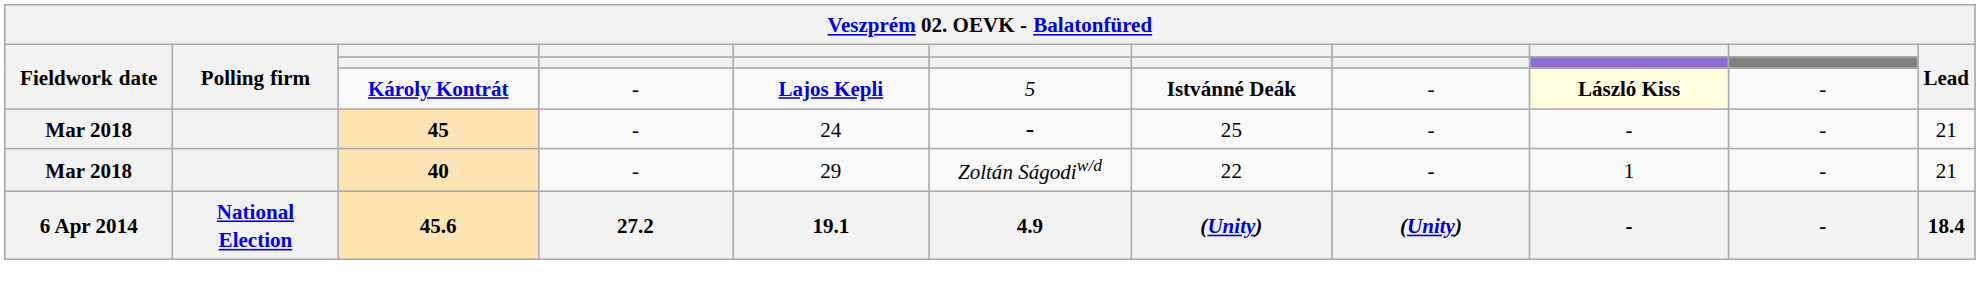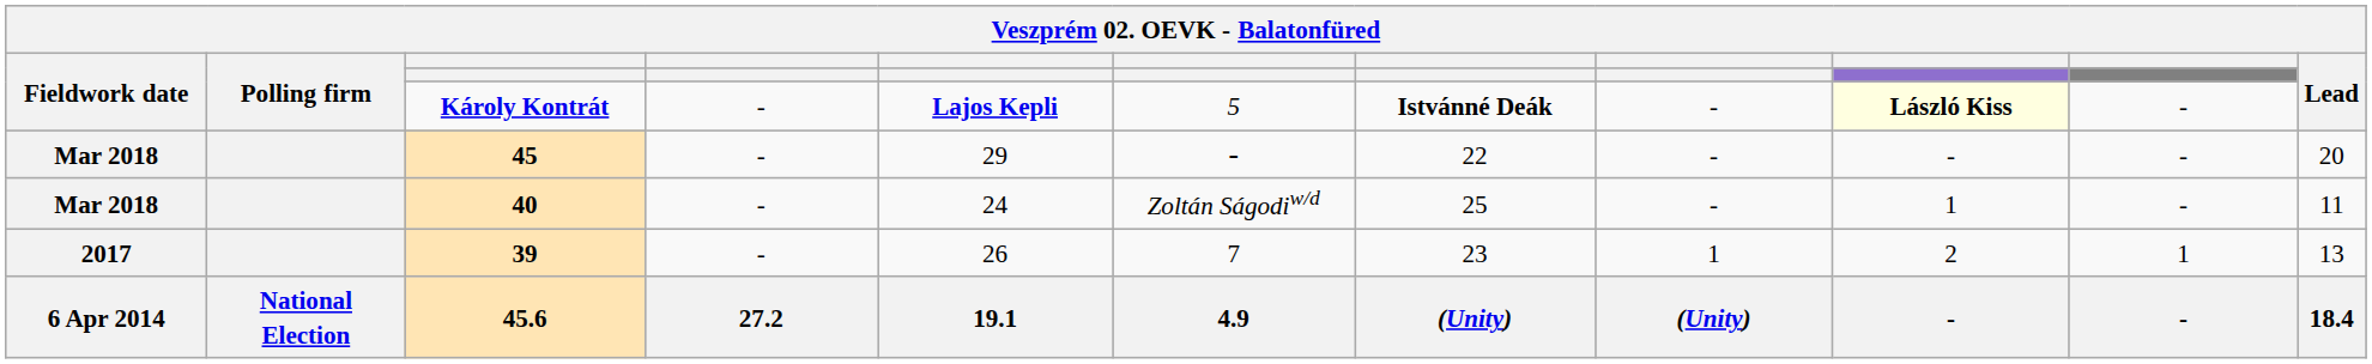 <table class="wikitable mw-collapsible mw-collapsed" style="text-align:center">
 <tr>
 <th colspan="11" style="width: 980pt;"><small><a href='#'>Veszprém</a> 02. OEVK -</small> <small><a href='#'>Balatonfüred</a></small></th>
 </tr>
 <tr>
 <th rowspan="3" style="width: 80pt;"><small>Fieldwork</small> <small>date</small></th>
 <th rowspan="3" style="width: 80pt;"><strong><small>Polling</small> <small>firm</small></strong></th>
 <th style="width: 100pt;"><small></small></th>
 <th style="width: 100pt;"><small> </small></th>
 <th style="width: 100pt;"></th>
 <th style="width: 100pt;"></th>
 <th style="width: 100pt;"></th>
 <th style="width: 100pt;"></th>
 <th style="width: 100pt;"></th>
 <th style="width: 100pt;"></th>
 <th rowspan="3" style="width: 20pt;"><small>Lead</small></th>
 </tr>
 <tr>
 <th style="color:inherit;background:"></th>
 <th style="color:inherit;background:"></th>
 <th style="color:inherit;background:"></th>
 <th style="color:inherit;background:"></th>
 <th style="color:inherit;background:"></th>
 <th style="color:inherit;background:"></th>
 <th style="color:inherit;background:#8E6FCE;"></th>
 <th style="color:inherit;background:#808080;"></th>
 </tr>
 <tr>
 <td><a href='#'><small><strong>Károly Kontrát</strong></small></a></td>
 <td><small>-</small></td>
 <td><a href='#'><small><strong>Lajos Kepli</strong></small></a></td>
 <td><small><em>5</em></small></td>
 <td><small><strong>Istvánné Deák</strong></small></td>
 <td><small>-</small></td>
 <td style="background: lightyellow;"><small><strong>László Kiss</strong></small></td>
 <td><small>-</small></td>
 </tr>
 <tr>
 <th><small>Mar 2018</small></th>
 <th><small></small></th>
 <td style="background:#FFE5B4"><small><strong>45</strong></small></td>
 <td><small>-</small></td>
-<td><small>24</small></td>
+<td><small>29</small></td>
 <td>-</td>
-<td><small>25</small></td>
+<td><small>22</small></td>
 <td><small>-</small></td>
 <td><small>-</small></td>
 <td><small>-</small></td>
-<td style="background:"><small>21</small></td>
+<td style="background:"><small>20</small></td>
 </tr>
 <tr>
 <th><small>Mar 2018</small></th>
 <th></th>
 <td style="background:#FFE5B4"><small><strong>40</strong></small></td>
 <td><small>-</small></td>
-<td><small>29</small></td>
+<td><small>24</small></td>
 <td><small><em>Zoltán Ságodi<sup>w/d</sup></em></small></td>
-<td><small>22</small></td>
+<td><small>25</small></td>
 <td><small>-</small></td>
 <td><small>1</small></td>
 <td><small>-</small></td>
-<td style="background:"><small>21</small></td>
+<td style="background:"><small>11</small></td>
+</tr>
+<tr>
+<th><small>2017</small></th>
+<th><small></small></th>
+<td style="background:#FFE5B4"><small><strong>39</strong></small></td>
+<td><small>-</small></td>
+<td><small>26</small></td>
+<td><small>7</small></td>
+<td><small>23</small></td>
+<td><small>1</small></td>
+<td><small>2</small></td>
+<td><small>1</small></td>
+<td style="background:"><small>13</small></td>
 </tr>
 <tr>
 <th><small>6 Apr 2014</small></th>
 <th><a href='#'><small>National Election</small></a></th>
 <th style="background:#FFE5B4"><small>45.6</small></th>
 <th><small>27.2</small></th>
 <th><small>19.1</small></th>
 <th><small>4.9</small></th>
 <th><small><em>(<a href='#'>Unity</a>)</em></small></th>
 <th><small><em>(<a href='#'>Unity</a>)</em></small></th>
 <th><small>-</small></th>
 <th><small>-</small></th>
 <th style="background:"><small>18.4</small></th>
 </tr>
 </table>
